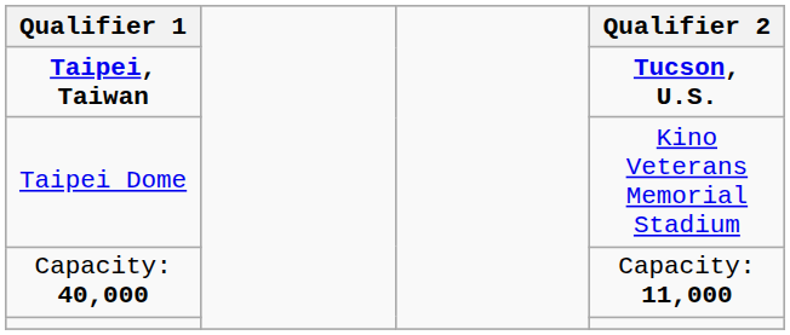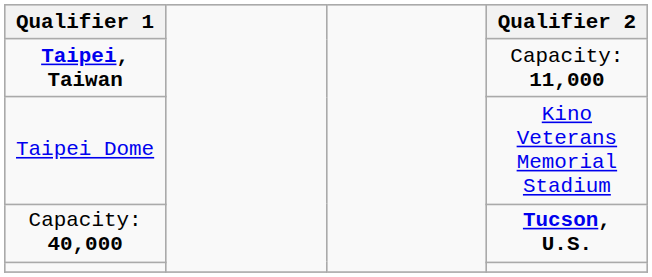 <table class="wikitable" width="400" style="text-align:center">
 <tr>
 <th width="25%">Qualifier 1</th>
 <td rowspan=5></td>
 <td rowspan=5></td>
 <th width="25%">Qualifier 2</th>
 </tr>
 <tr>
 <td> <strong><a href='#'>Taipei</a>, Taiwan</strong></td>
-<td> <strong><a href='#'>Tucson</a>, U.S.</strong></td>
+<td>Capacity: <strong>11,000</strong></td>
 </tr>
 <tr>
 <td><a href='#'>Taipei Dome</a></td>
 <td><a href='#'>Kino Veterans Memorial Stadium</a></td>
 </tr>
 <tr>
 <td>Capacity: <strong>40,000</strong></td>
-<td>Capacity: <strong>11,000</strong></td>
+<td> <strong><a href='#'>Tucson</a>, U.S.</strong></td>
 </tr>
 <tr>
 <td></td>
 <td></td>
 </tr>
 </table>
